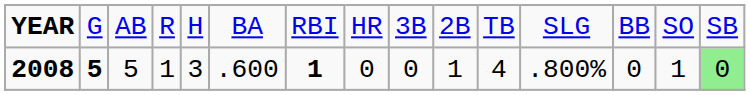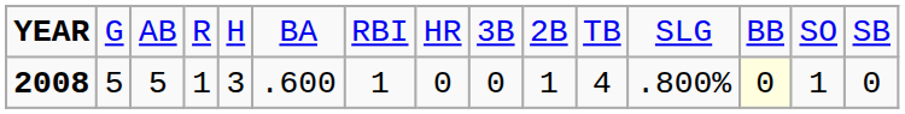 <table class="sortable wikitable">
 <tr align=center>
 <td><strong>YEAR</strong></td>
 <td><a href='#'>G</a></td>
 <td><a href='#'>AB</a></td>
 <td><a href='#'>R</a></td>
 <td><a href='#'>H</a></td>
 <td><a href='#'>BA</a></td>
 <td><a href='#'>RBI</a></td>
 <td><a href='#'>HR</a></td>
 <td><a href='#'>3B</a></td>
 <td><a href='#'>2B</a></td>
 <td><a href='#'>TB</a></td>
 <td><a href='#'>SLG</a></td>
 <td><a href='#'>BB</a></td>
 <td><a href='#'>SO</a></td>
 <td><a href='#'>SB</a></td>
 </tr>
 <tr align=center>
 <td><strong>2008</strong></td>
-<td><strong>5</strong></td>
+<td>5</td>
 <td>5</td>
 <td>1</td>
 <td>3</td>
 <td>.600</td>
-<td><strong>1</strong></td>
+<td>1</td>
 <td>0</td>
 <td>0</td>
 <td>1</td>
 <td>4</td>
 <td>.800%</td>
+<td style="background: lightyellow;">0</td>
+<td>1</td>
 <td>0</td>
-<td>1</td>
-<td style="background: lightgreen;">0</td>
 </tr>
 </table>
